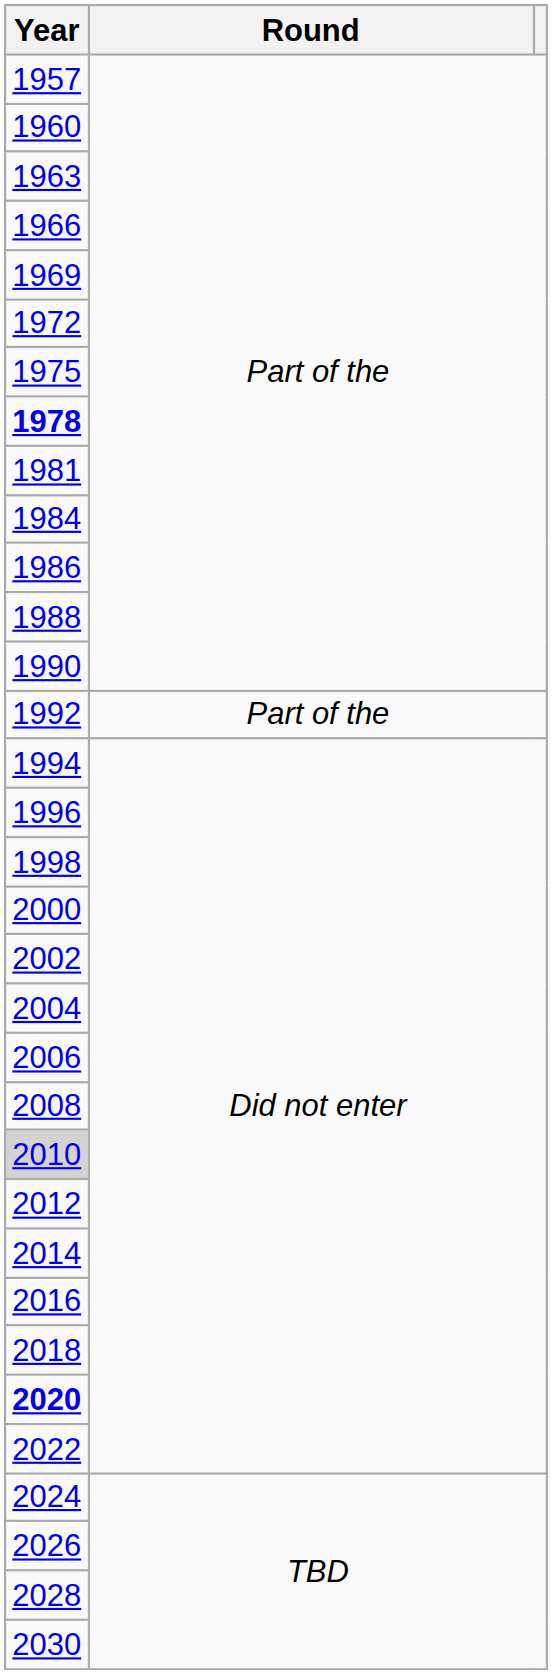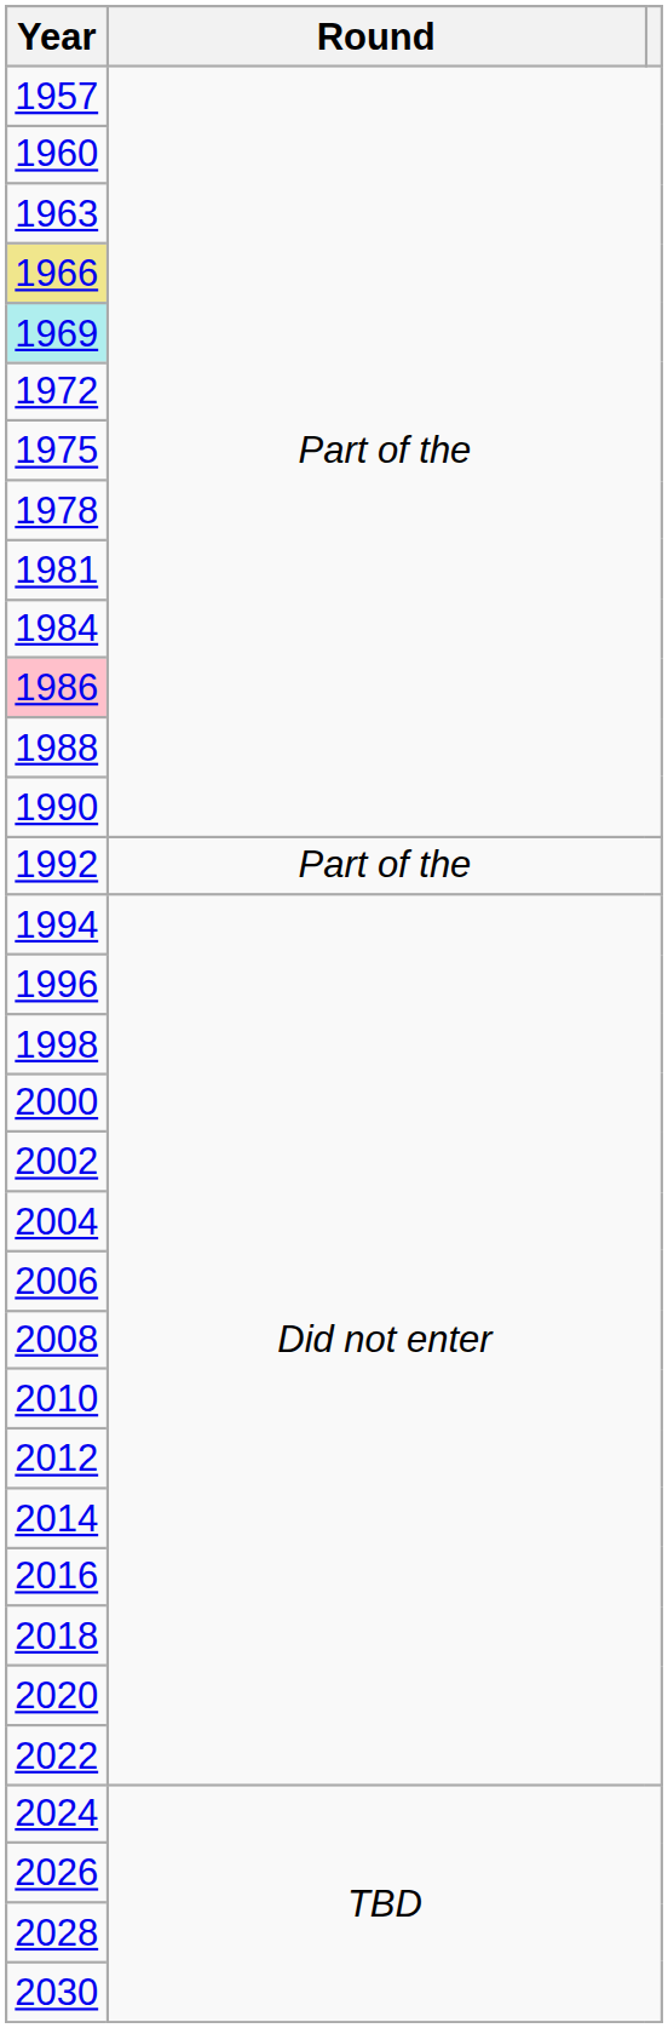 <table class="wikitable" style="text-align: center; font-size:90%">
 <tr>
 <th>Year</th>
 <th style="width:200px">Round</th>
 <th></th>
 </tr>
 <tr>
 <td><a href='#'>1957</a></td>
 <td colspan="2" rowspan="13"><em>Part of the </em></td>
 </tr>
 <tr>
 <td><a href='#'>1960</a></td>
 </tr>
 <tr>
 <td><a href='#'>1963</a></td>
 </tr>
 <tr>
-<td><a href='#'>1966</a></td>
+<td style="background: khaki;"><a href='#'>1966</a></td>
 </tr>
 <tr>
-<td><a href='#'>1969</a></td>
+<td style="background: paleturquoise;"><a href='#'>1969</a></td>
 </tr>
 <tr>
 <td><a href='#'>1972</a></td>
 </tr>
 <tr>
 <td><a href='#'>1975</a></td>
 </tr>
 <tr>
-<td><strong><a href='#'>1978</a></strong></td>
+<td><a href='#'>1978</a></td>
 </tr>
 <tr>
 <td><a href='#'>1981</a></td>
 </tr>
 <tr>
 <td><a href='#'>1984</a></td>
 </tr>
 <tr>
-<td><a href='#'>1986</a></td>
+<td style="background: pink;"><a href='#'>1986</a></td>
 </tr>
 <tr>
 <td><a href='#'>1988</a></td>
 </tr>
 <tr>
 <td><a href='#'>1990</a></td>
 </tr>
 <tr>
 <td><a href='#'>1992</a></td>
 <td colspan="2"><em>Part of the </em></td>
 </tr>
 <tr>
 <td><a href='#'>1994</a></td>
 <td colspan="2" rowspan="15"><em>Did not enter</em></td>
 </tr>
 <tr>
 <td><a href='#'>1996</a></td>
 </tr>
 <tr>
 <td><a href='#'>1998</a></td>
 </tr>
 <tr>
 <td><a href='#'>2000</a></td>
 </tr>
 <tr>
 <td><a href='#'>2002</a></td>
 </tr>
 <tr>
 <td><a href='#'>2004</a></td>
 </tr>
 <tr>
 <td><a href='#'>2006</a></td>
 </tr>
 <tr>
 <td><a href='#'>2008</a></td>
 </tr>
 <tr>
-<td style="background: lightgrey;"><a href='#'>2010</a></td>
+<td><a href='#'>2010</a></td>
 </tr>
 <tr>
 <td><a href='#'>2012</a></td>
 </tr>
 <tr>
 <td><a href='#'>2014</a></td>
 </tr>
 <tr>
 <td><a href='#'>2016</a></td>
 </tr>
 <tr>
 <td><a href='#'>2018</a></td>
 </tr>
 <tr>
-<td><strong><a href='#'>2020</a></strong></td>
+<td><a href='#'>2020</a></td>
 </tr>
 <tr>
 <td><a href='#'>2022</a></td>
 </tr>
 <tr>
 <td><a href='#'>2024</a></td>
 <td colspan="2" rowspan="4"><em>TBD</em></td>
 </tr>
 <tr>
 <td><a href='#'>2026</a></td>
 </tr>
 <tr>
 <td><a href='#'>2028</a></td>
 </tr>
 <tr>
 <td><a href='#'>2030</a></td>
 </tr>
 </table>
